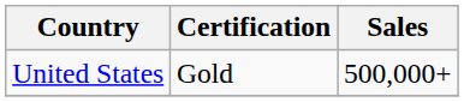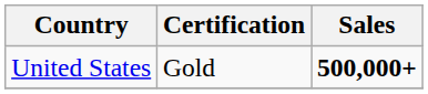 <table class="wikitable" border="1">
 <tr>
 <th>Country</th>
 <th>Certification</th>
 <th>Sales</th>
 </tr>
 <tr>
 <td><a href='#'>United States</a></td>
 <td>Gold</td>
-<td>500,000+</td>
+<td><strong>500,000+</strong></td>
 </tr>
 <tr>
 </tr>
 </table>
